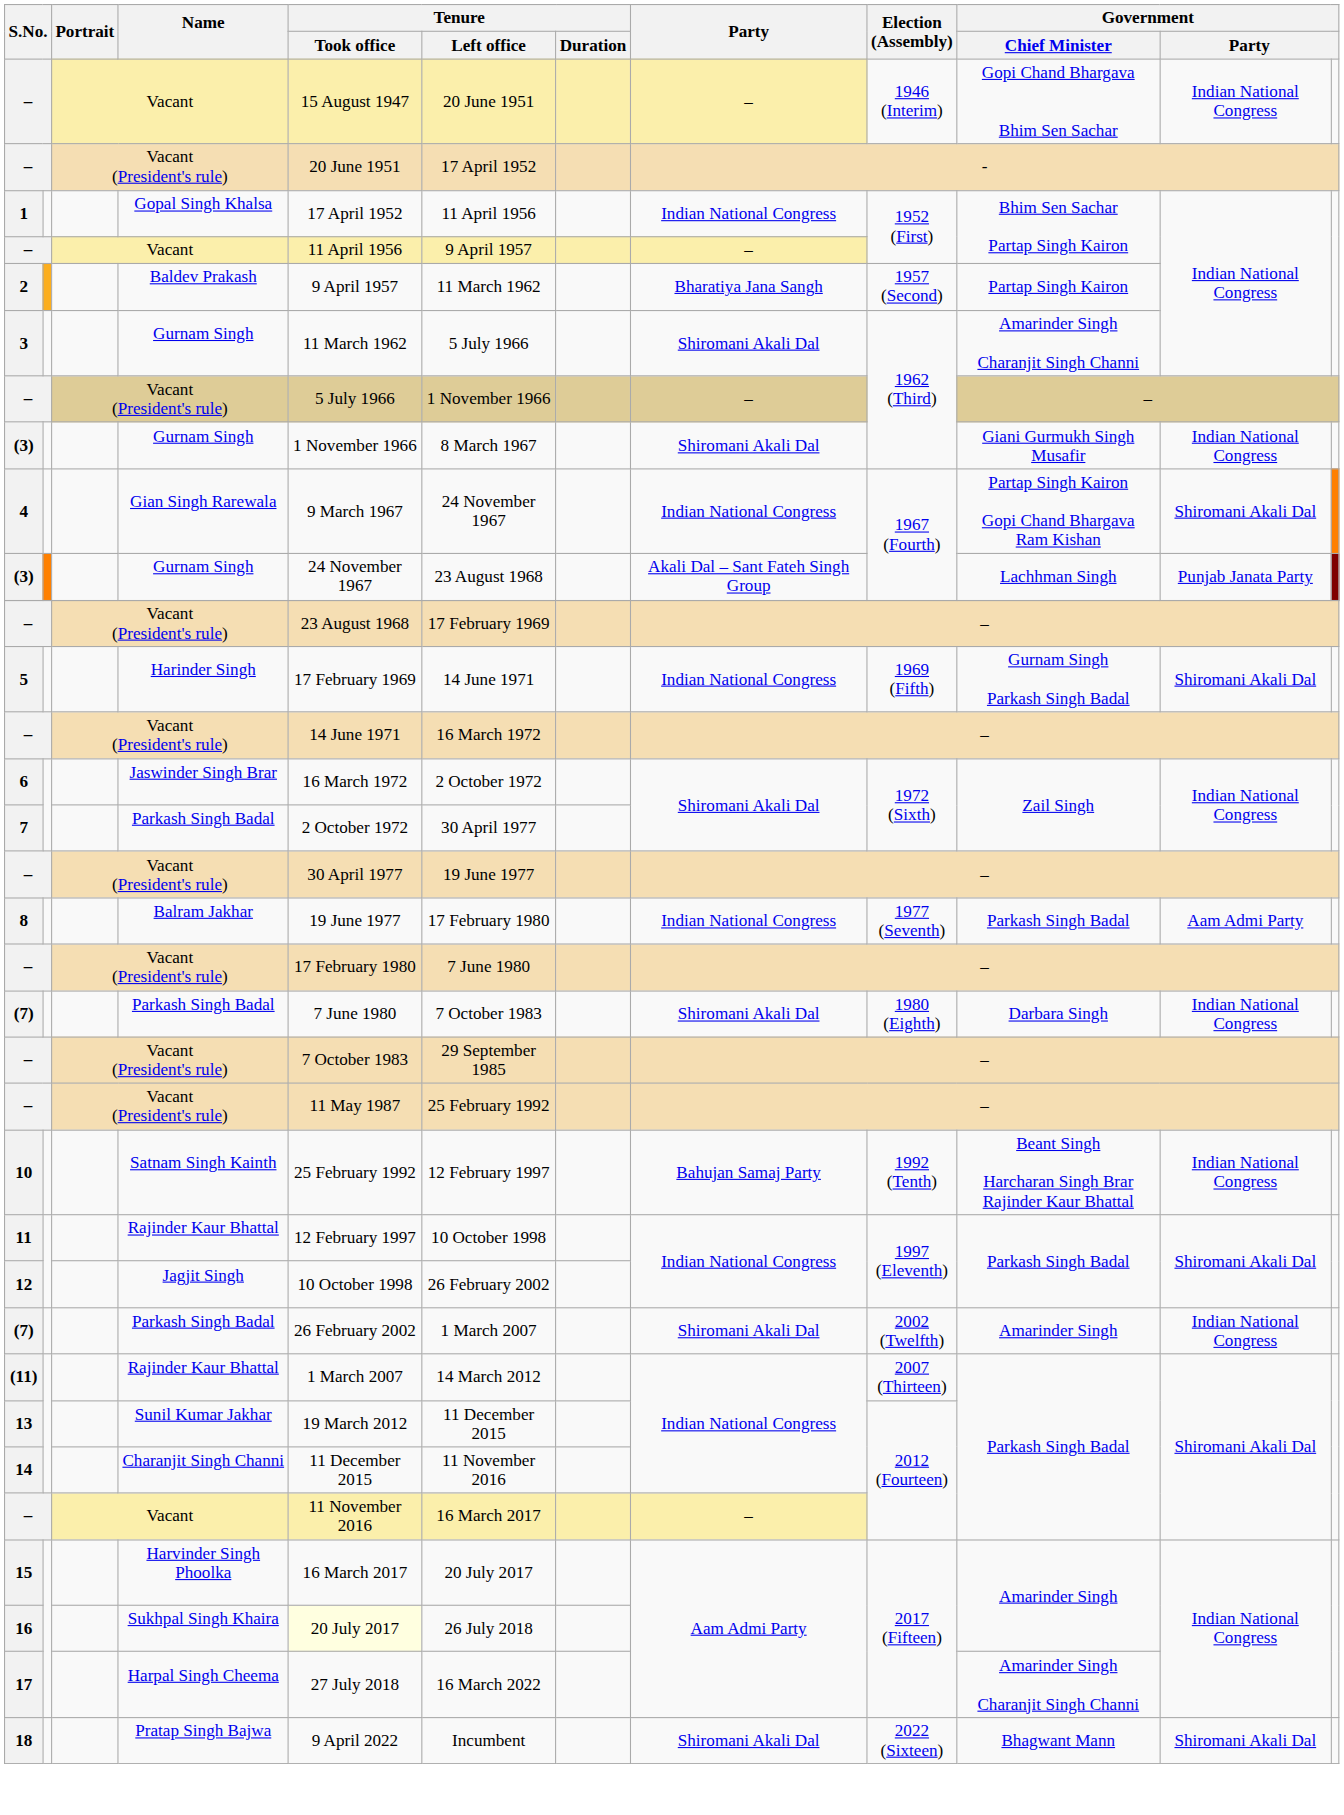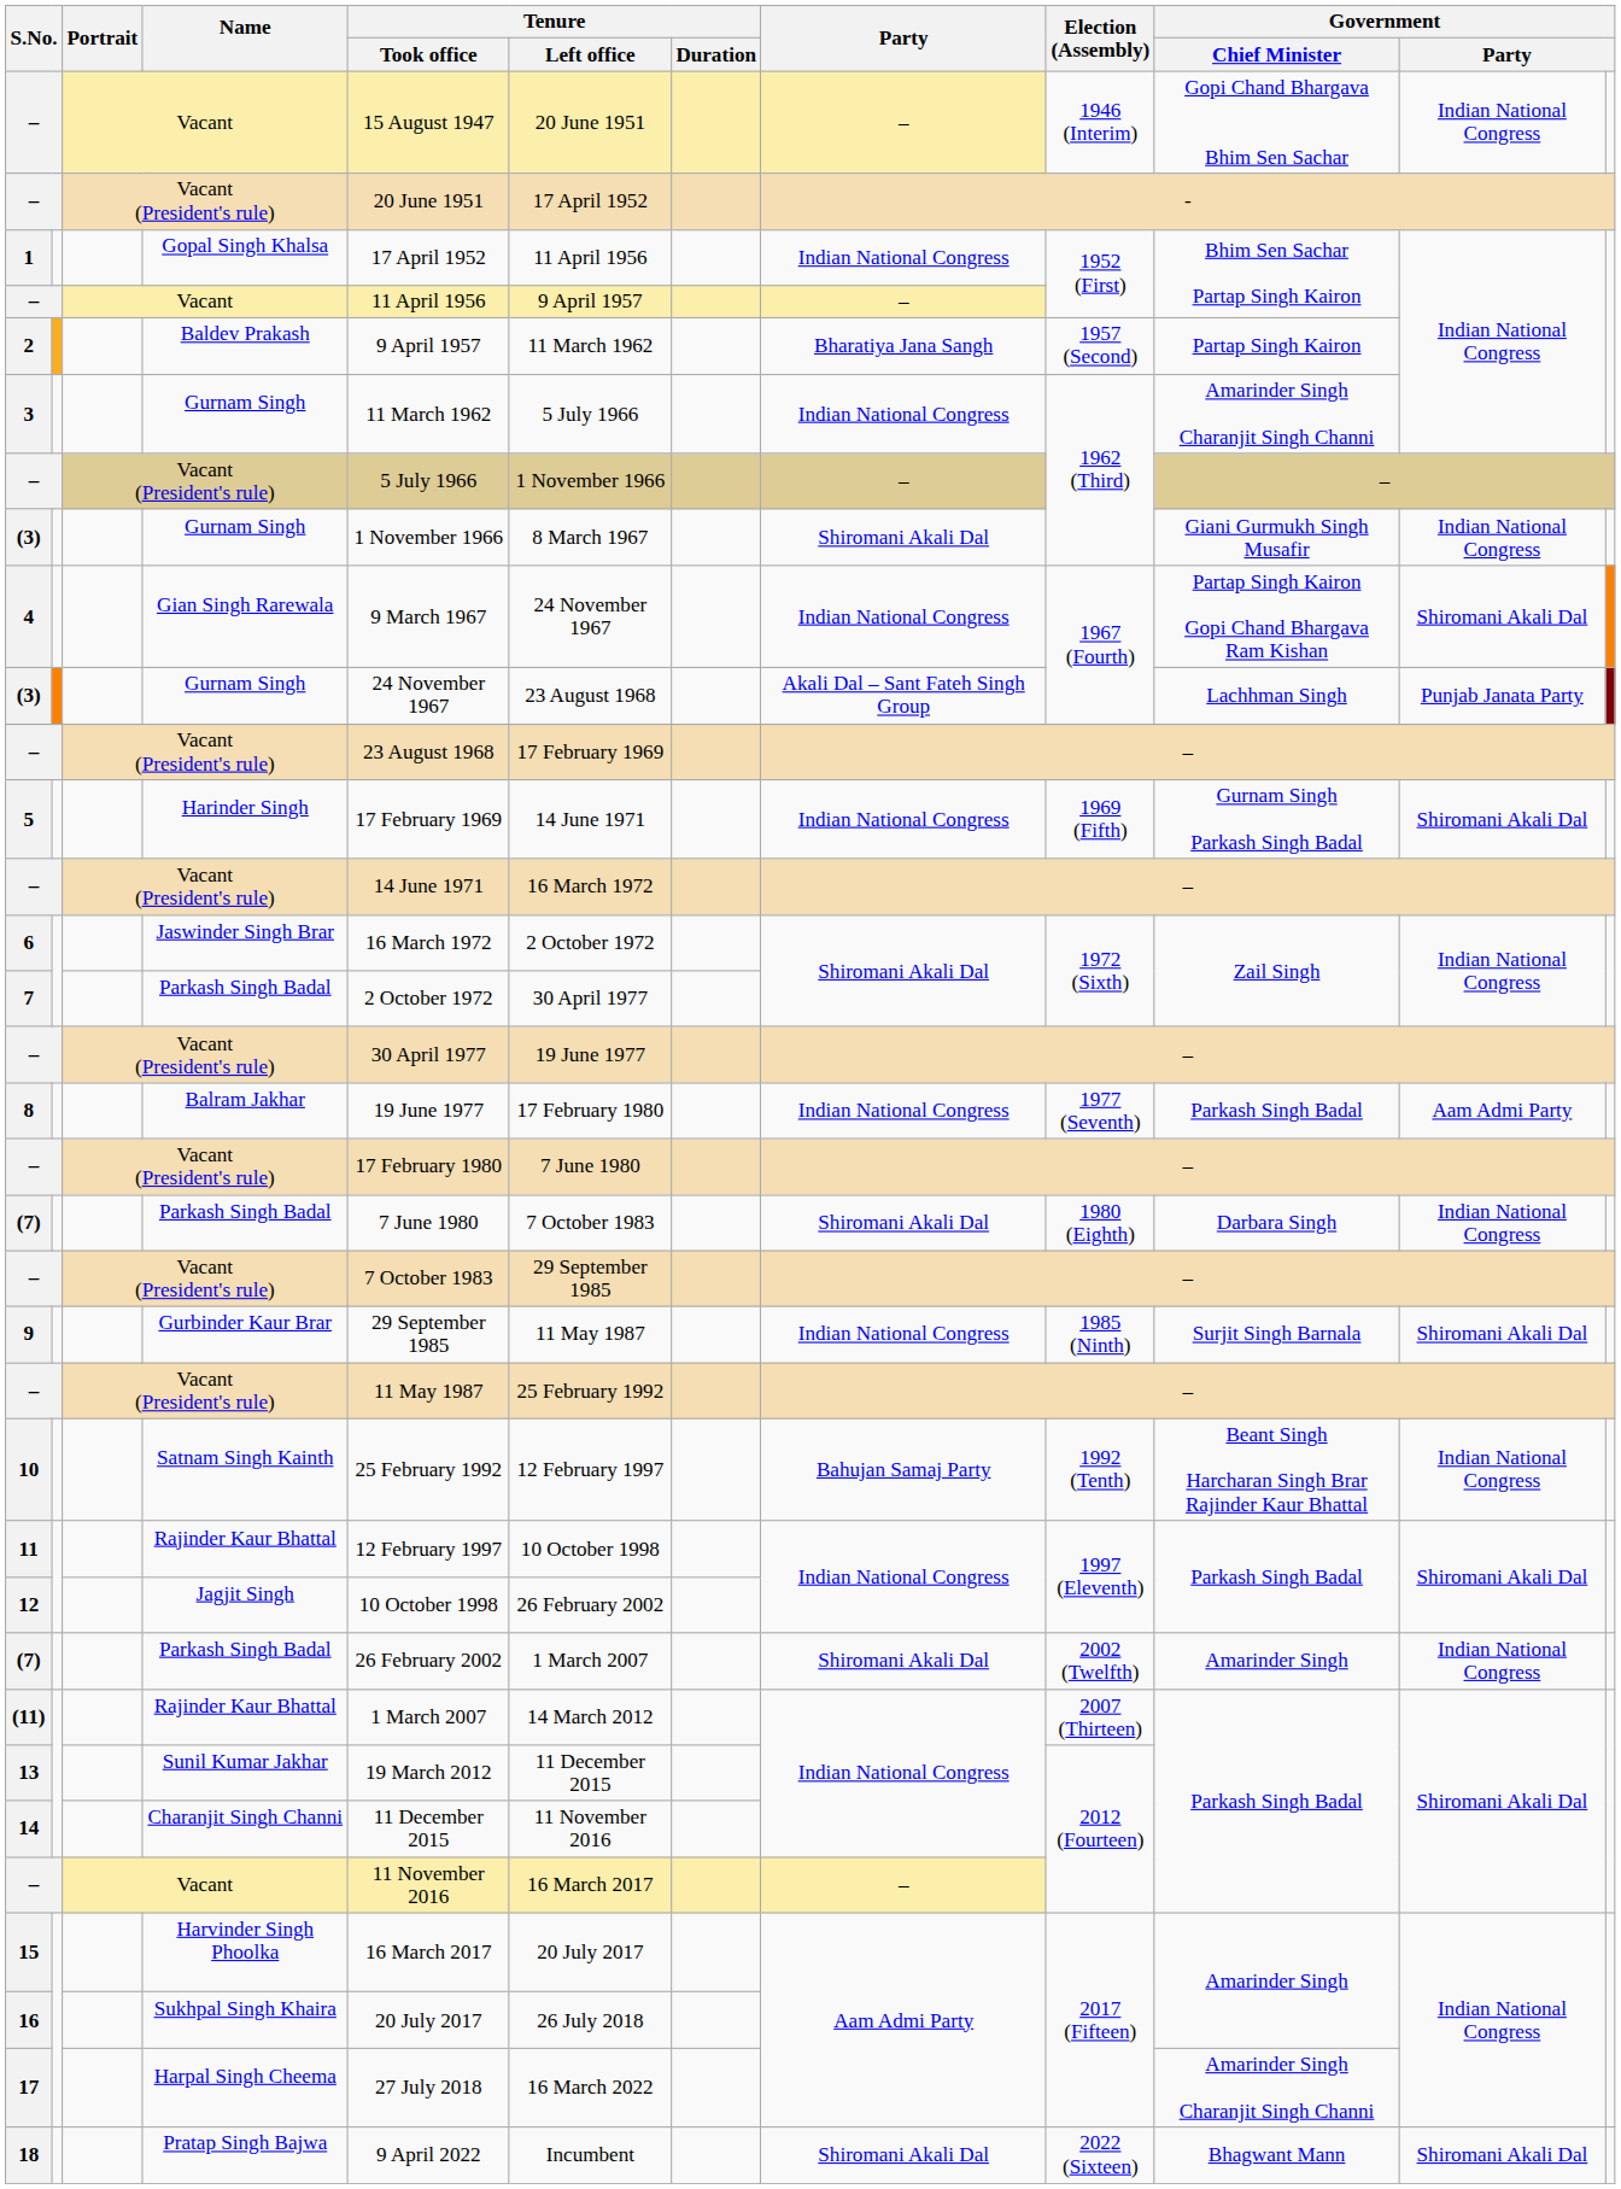 <table class="wikitable" style="text-align:center">
 <tr>
 <th colspan=2 rowspan=2>S.No.</th>
 <th rowspan=2>Portrait</th>
 <th rowspan=2>Name<br><br></th>
 <th colspan=3>Tenure</th>
 <th rowspan=2>Party</th>
 <th rowspan=2>Election<br>(Assembly)</th>
 <th colspan=3>Government</th>
 </tr>
 <tr>
 <th>Took office</th>
 <th>Left office</th>
 <th>Duration</th>
 <th><a href='#'>Chief Minister</a></th>
 <th colspan=2>Party</th>
 </tr>
 <tr>
 <th colspan=2 bgcolor=#fbefab>–</th>
 <td colspan=2 bgcolor=#fbefab>Vacant<br></td>
 <td bgcolor=#fbefab>15 August 1947</td>
 <td bgcolor=#fbefab>20 June 1951</td>
 <td bgcolor=#fbefab></td>
 <td bgcolor=#fbefab>–</td>
 <td><a href='#'>1946</a><br>(<a href='#'>Interim</a>)</td>
 <td><a href='#'>Gopi Chand Bhargava</a><br><br><br><a href='#'>Bhim Sen Sachar</a><br></td>
 <td><a href='#'>Indian National Congress</a></td>
 <td style="background-color: "></td>
 </tr>
 <tr>
 <th colspan=2 bgcolor=#f5deb3>–</th>
 <td colspan=2 bgcolor=#f5deb3>Vacant <br>(<a href='#'>President's rule</a>)<br></td>
 <td bgcolor=#f5deb3>20 June 1951</td>
 <td bgcolor=#f5deb3>17 April 1952</td>
 <td bgcolor=#f5deb3></td>
 <td colspan=5 bgcolor=#f5deb3>-</td>
 </tr>
 <tr>
 <th>1</th>
 <td style="background-color: "></td>
 <td></td>
 <td><a href='#'>Gopal Singh Khalsa</a><br><br></td>
 <td>17 April 1952</td>
 <td>11 April 1956</td>
 <td></td>
 <td><a href='#'>Indian National Congress</a></td>
 <td rowspan=2><a href='#'>1952</a><br>(<a href='#'>First</a>)</td>
 <td rowspan=2><a href='#'>Bhim Sen Sachar</a><br><br><a href='#'>Partap Singh Kairon</a><br></td>
 <td rowspan=4><a href='#'>Indian National Congress</a></td>
 <td rowspan=4 style="background-color: "></td>
 </tr>
 <tr>
 <th colspan=2>–</th>
 <td colspan=2 bgcolor=#fbefab>Vacant<br></td>
 <td bgcolor=#fbefab>11 April 1956</td>
 <td bgcolor=#fbefab>9 April 1957</td>
 <td bgcolor=#fbefab></td>
 <td bgcolor=#fbefab>–</td>
 </tr>
 <tr>
 <th>2</th>
 <td style="background-color:#FCAE1E"></td>
 <td></td>
 <td><a href='#'>Baldev Prakash</a><br><br></td>
 <td>9 April 1957</td>
 <td>11 March 1962</td>
 <td></td>
 <td><a href='#'>Bharatiya Jana Sangh</a></td>
 <td><a href='#'>1957</a><br>(<a href='#'>Second</a>)</td>
 <td><a href='#'>Partap Singh Kairon</a></td>
 </tr>
 <tr>
 <th>3</th>
 <td style="background-color: "></td>
 <td></td>
 <td><a href='#'>Gurnam Singh</a><br><br></td>
 <td>11 March 1962</td>
 <td>5 July 1966</td>
 <td></td>
-<td><a href='#'>Shiromani Akali Dal</a></td>
+<td><a href='#'>Indian National Congress</a></td>
 <td rowspan=3><a href='#'>1962</a><br>(<a href='#'>Third</a>)</td>
 <td><a href='#'>Amarinder Singh</a><br><br><a href='#'>Charanjit Singh Channi</a><br></td>
 </tr>
 <tr>
 <th colspan=2>–</th>
 <td colspan=2 bgcolor=#decc97>Vacant<br>(<a href='#'>President's rule</a>)<br></td>
 <td bgcolor=#decc97>5 July 1966</td>
 <td bgcolor=#decc97>1 November 1966</td>
 <td bgcolor=#decc97></td>
 <td bgcolor=#decc97>–</td>
 <td colspan=3 bgcolor=#decc97>–</td>
 </tr>
 <tr>
 <th>(3)</th>
 <td style="background-color: "></td>
 <td></td>
 <td><a href='#'>Gurnam Singh</a><br><br></td>
 <td>1 November 1966</td>
 <td>8 March 1967</td>
 <td></td>
 <td><a href='#'>Shiromani Akali Dal</a></td>
 <td><a href='#'>Giani Gurmukh Singh Musafir</a></td>
 <td><a href='#'>Indian National Congress</a></td>
 <td style="background-color: "></td>
 </tr>
 <tr>
 <th>4</th>
 <td style="background-color: "></td>
 <td></td>
 <td><a href='#'>Gian Singh Rarewala</a><br><br></td>
 <td>9 March 1967</td>
 <td>24 November 1967</td>
 <td></td>
 <td><a href='#'>Indian National Congress</a></td>
 <td rowspan=2><a href='#'>1967</a><br>(<a href='#'>Fourth</a>)</td>
 <td><a href='#'>Partap Singh Kairon</a><br><br><a href='#'>Gopi Chand Bhargava</a><br><a href='#'>Ram Kishan</a><br></td>
 <td><a href='#'>Shiromani Akali Dal</a></td>
 <td style="background:#ff8000;"></td>
 </tr>
 <tr>
 <th>(3)</th>
 <td style="background:#ff8000;"></td>
 <td></td>
 <td><a href='#'>Gurnam Singh</a><br><br></td>
 <td>24 November 1967</td>
 <td>23 August 1968</td>
 <td></td>
 <td><a href='#'>Akali Dal – Sant Fateh Singh Group</a></td>
 <td><a href='#'>Lachhman Singh</a></td>
 <td><a href='#'>Punjab Janata Party</a></td>
 <td style="background-color:#800000"></td>
 </tr>
 <tr>
 </tr>
 <tr>
 <th colspan=2>–</th>
 <td colspan=2 bgcolor=#f5deb3>Vacant<br>(<a href='#'>President's rule</a>)<br></td>
 <td bgcolor=#f5deb3>23 August 1968</td>
 <td bgcolor=#f5deb3>17 February 1969</td>
 <td bgcolor=#f5deb3></td>
 <td colspan=5 bgcolor=#f5deb3>–</td>
 </tr>
 <tr>
 <th>5</th>
 <td style="background-color: "></td>
 <td></td>
 <td><a href='#'>Harinder Singh</a><br><br></td>
 <td>17 February 1969</td>
 <td>14 June 1971</td>
 <td></td>
 <td><a href='#'>Indian National Congress</a></td>
 <td><a href='#'>1969</a><br>(<a href='#'>Fifth</a>)</td>
 <td><a href='#'>Gurnam Singh</a><br><br><a href='#'>Parkash Singh Badal</a><br></td>
 <td><a href='#'>Shiromani Akali Dal</a></td>
 <td style="background-color: "></td>
 </tr>
 <tr>
 <th colspan=2>–</th>
 <td colspan=2 bgcolor=#f5deb3>Vacant<br>(<a href='#'>President's rule</a>)<br></td>
 <td bgcolor=#f5deb3>14 June 1971</td>
 <td bgcolor=#f5deb3>16 March 1972</td>
 <td bgcolor=#f5deb3></td>
 <td colspan=5 bgcolor=#f5deb3>–</td>
 </tr>
 <tr>
 <th>6</th>
 <td rowspan=2 style="background-color: "></td>
 <td></td>
 <td><a href='#'>Jaswinder Singh Brar</a><br><br></td>
 <td>16 March 1972</td>
 <td>2 October 1972</td>
 <td></td>
 <td rowspan=2><a href='#'>Shiromani Akali Dal</a></td>
 <td rowspan=2><a href='#'>1972</a><br>(<a href='#'>Sixth</a>)</td>
 <td rowspan=2><a href='#'>Zail Singh</a></td>
 <td rowspan=2><a href='#'>Indian National Congress</a></td>
 <td rowspan=2 style="background-color: "></td>
 </tr>
 <tr>
 <th>7</th>
 <td></td>
 <td><a href='#'>Parkash Singh Badal</a><br><br></td>
 <td>2 October 1972</td>
 <td>30 April 1977</td>
 <td></td>
 </tr>
 <tr>
 <th colspan=2>–</th>
 <td colspan=2 bgcolor=#f5deb3>Vacant<br>(<a href='#'>President's rule</a>)<br></td>
 <td bgcolor=#f5deb3>30 April 1977</td>
 <td bgcolor=#f5deb3>19 June 1977</td>
 <td bgcolor=#f5deb3></td>
 <td colspan=5 bgcolor=#f5deb3>–</td>
 </tr>
 <tr>
 <th>8</th>
 <td style="background-color: "></td>
 <td></td>
 <td><a href='#'>Balram Jakhar</a><br><br></td>
 <td>19 June 1977</td>
 <td>17 February 1980</td>
 <td></td>
 <td><a href='#'>Indian National Congress</a></td>
 <td><a href='#'>1977</a><br>(<a href='#'>Seventh</a>)</td>
 <td><a href='#'>Parkash Singh Badal</a></td>
 <td><a href='#'>Aam Admi Party</a></td>
 <td style="background-color: "></td>
 </tr>
 <tr>
 <th colspan=2>–</th>
 <td colspan=2 bgcolor=#f5deb3>Vacant<br>(<a href='#'>President's rule</a>)<br></td>
 <td bgcolor=#f5deb3>17 February 1980</td>
 <td bgcolor=#f5deb3>7 June 1980</td>
 <td bgcolor=#f5deb3></td>
 <td colspan=5 bgcolor=#f5deb3>–</td>
 </tr>
 <tr>
 <th>(7)</th>
 <td style="background-color: "></td>
 <td></td>
 <td><a href='#'>Parkash Singh Badal</a><br><br></td>
 <td>7 June 1980</td>
 <td>7 October 1983</td>
 <td></td>
 <td><a href='#'>Shiromani Akali Dal</a></td>
 <td><a href='#'>1980</a><br>(<a href='#'>Eighth</a>)</td>
 <td><a href='#'>Darbara Singh</a></td>
 <td><a href='#'>Indian National Congress</a></td>
 <td style="background-color: "></td>
 </tr>
 <tr>
 <th colspan=2>–</th>
 <td colspan=2 bgcolor=#f5deb3>Vacant<br>(<a href='#'>President's rule</a>)<br></td>
 <td bgcolor=#f5deb3>7 October 1983</td>
 <td bgcolor=#f5deb3>29 September 1985</td>
 <td bgcolor=#f5deb3></td>
 <td colspan=5 bgcolor=#f5deb3>–</td>
 </tr>
 <tr>
+<th>9</th>
+<td style="background-color: "></td>
+<td></td>
+<td><a href='#'>Gurbinder Kaur Brar</a><br><br></td>
+<td>29 September 1985</td>
+<td>11 May 1987</td>
+<td></td>
+<td><a href='#'>Indian National Congress</a></td>
+<td><a href='#'>1985</a><br>(<a href='#'>Ninth</a>)</td>
+<td><a href='#'>Surjit Singh Barnala</a></td>
+<td><a href='#'>Shiromani Akali Dal</a></td>
+<td style="background-color: "></td>
+</tr>
+<tr>
 <th colspan=2>–</th>
 <td colspan=2 bgcolor=#f5deb3>Vacant<br>(<a href='#'>President's rule</a>)<br></td>
 <td bgcolor=#f5deb3>11 May 1987</td>
 <td bgcolor=#f5deb3>25 February 1992</td>
 <td bgcolor=#f5deb3></td>
 <td colspan=5 bgcolor=#f5deb3>–</td>
 </tr>
 <tr>
 <th>10</th>
 <td style="background-color: "></td>
 <td></td>
 <td><a href='#'>Satnam Singh Kainth</a><br><br></td>
 <td>25 February 1992</td>
 <td>12 February 1997</td>
 <td></td>
 <td><a href='#'>Bahujan Samaj Party</a></td>
 <td><a href='#'>1992</a><br>(<a href='#'>Tenth</a>)</td>
 <td><a href='#'>Beant Singh</a><br><br><a href='#'>Harcharan Singh Brar</a><br><a href='#'>Rajinder Kaur Bhattal</a><br></td>
 <td><a href='#'>Indian National Congress</a></td>
 <td style="background-color: "></td>
 </tr>
 <tr>
 <th>11</th>
 <td rowspan=2 style="background-color: "></td>
 <td></td>
 <td><a href='#'>Rajinder Kaur Bhattal</a><br><br></td>
 <td>12 February 1997</td>
 <td>10 October 1998</td>
 <td></td>
 <td rowspan=2><a href='#'>Indian National Congress</a></td>
 <td rowspan=2><a href='#'>1997</a><br>(<a href='#'>Eleventh</a>)</td>
 <td rowspan=2><a href='#'>Parkash Singh Badal</a></td>
 <td rowspan=2><a href='#'>Shiromani Akali Dal</a></td>
 <td rowspan=2 style="background-color: "></td>
 </tr>
 <tr>
 <th>12</th>
 <td></td>
 <td><a href='#'>Jagjit Singh</a><br><br></td>
 <td>10 October 1998</td>
 <td>26 February 2002</td>
 <td></td>
 </tr>
 <tr>
 <th>(7)</th>
 <td style="background-color: "></td>
 <td></td>
 <td><a href='#'>Parkash Singh Badal</a><br><br></td>
 <td>26 February 2002</td>
 <td>1 March 2007</td>
 <td></td>
 <td><a href='#'>Shiromani Akali Dal</a></td>
 <td><a href='#'>2002</a><br>(<a href='#'>Twelfth</a>)</td>
 <td><a href='#'>Amarinder Singh</a></td>
 <td><a href='#'>Indian National Congress</a></td>
 <td style="background-color: "></td>
 </tr>
 <tr>
 <th>(11)</th>
 <td rowspan=3 style="background-color: "></td>
 <td></td>
 <td><a href='#'>Rajinder Kaur Bhattal</a><br><br></td>
 <td>1 March 2007</td>
 <td>14 March 2012</td>
 <td></td>
 <td rowspan=3><a href='#'>Indian National Congress</a></td>
 <td><a href='#'>2007</a><br>(<a href='#'>Thirteen</a>)</td>
 <td rowspan=4><a href='#'>Parkash Singh Badal</a></td>
 <td rowspan=4><a href='#'>Shiromani Akali Dal</a></td>
 <td rowspan=4 style="background-color: "></td>
 </tr>
 <tr>
 <th>13</th>
 <td></td>
 <td><a href='#'>Sunil Kumar Jakhar</a><br><br></td>
 <td>19 March 2012</td>
 <td>11 December 2015</td>
 <td></td>
 <td rowspan=3><a href='#'>2012</a><br>(<a href='#'>Fourteen</a>)</td>
 </tr>
 <tr>
 <th>14</th>
 <td></td>
 <td><a href='#'>Charanjit Singh Channi</a><br><br></td>
 <td>11 December 2015</td>
 <td>11 November 2016</td>
 <td></td>
 </tr>
 <tr>
 <th colspan=2>–</th>
 <td colspan=2 bgcolor=#fbefab>Vacant<br></td>
 <td bgcolor=#fbefab>11 November 2016</td>
 <td bgcolor=#fbefab>16 March 2017</td>
 <td bgcolor=#fbefab></td>
 <td bgcolor=#fbefab>–</td>
 </tr>
 <tr>
 <th>15</th>
 <td rowspan=3 style="background-color: "></td>
 <td></td>
 <td><a href='#'>Harvinder Singh Phoolka</a><br><br></td>
 <td>16 March 2017</td>
 <td>20 July 2017</td>
 <td></td>
 <td rowspan=3><a href='#'>Aam Admi Party</a></td>
 <td rowspan=3><a href='#'>2017</a><br>(<a href='#'>Fifteen</a>)</td>
 <td rowspan=2><a href='#'>Amarinder Singh</a></td>
 <td rowspan=3><a href='#'>Indian National Congress</a></td>
 <td rowspan=3 style="background-color: "></td>
 </tr>
 <tr>
 <th>16</th>
 <td></td>
 <td><a href='#'>Sukhpal Singh Khaira</a><br><br></td>
-<td style="background: lightyellow;">20 July 2017</td>
+<td>20 July 2017</td>
 <td>26 July 2018</td>
 <td></td>
 </tr>
 <tr>
 <th>17</th>
 <td></td>
 <td><a href='#'>Harpal Singh Cheema</a><br><br></td>
 <td>27 July 2018</td>
 <td>16 March 2022</td>
 <td></td>
 <td><a href='#'>Amarinder Singh</a><br><br><a href='#'>Charanjit Singh Channi</a><br></td>
 </tr>
 <tr>
 <th>18</th>
 <td style="background-color: "></td>
 <td></td>
 <td><a href='#'>Pratap Singh Bajwa</a><br><br></td>
 <td>9 April 2022</td>
 <td>Incumbent</td>
 <td></td>
 <td><a href='#'>Shiromani Akali Dal</a></td>
 <td><a href='#'>2022</a><br>(<a href='#'>Sixteen</a>)</td>
 <td><a href='#'>Bhagwant Mann</a></td>
 <td><a href='#'>Shiromani Akali Dal</a></td>
 <td style="background-color: "></td>
 </tr>
 </table>
